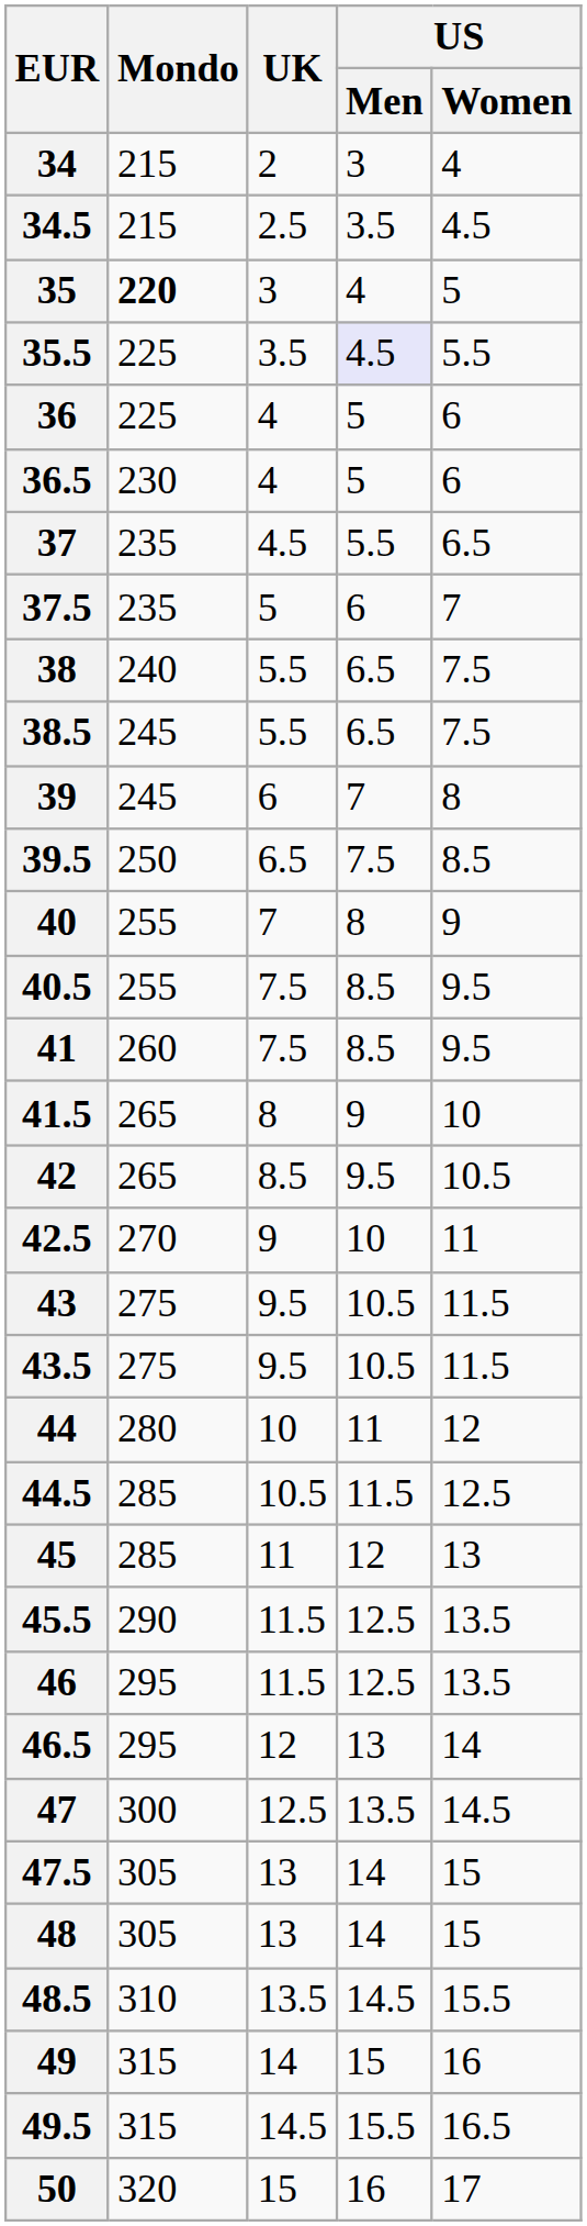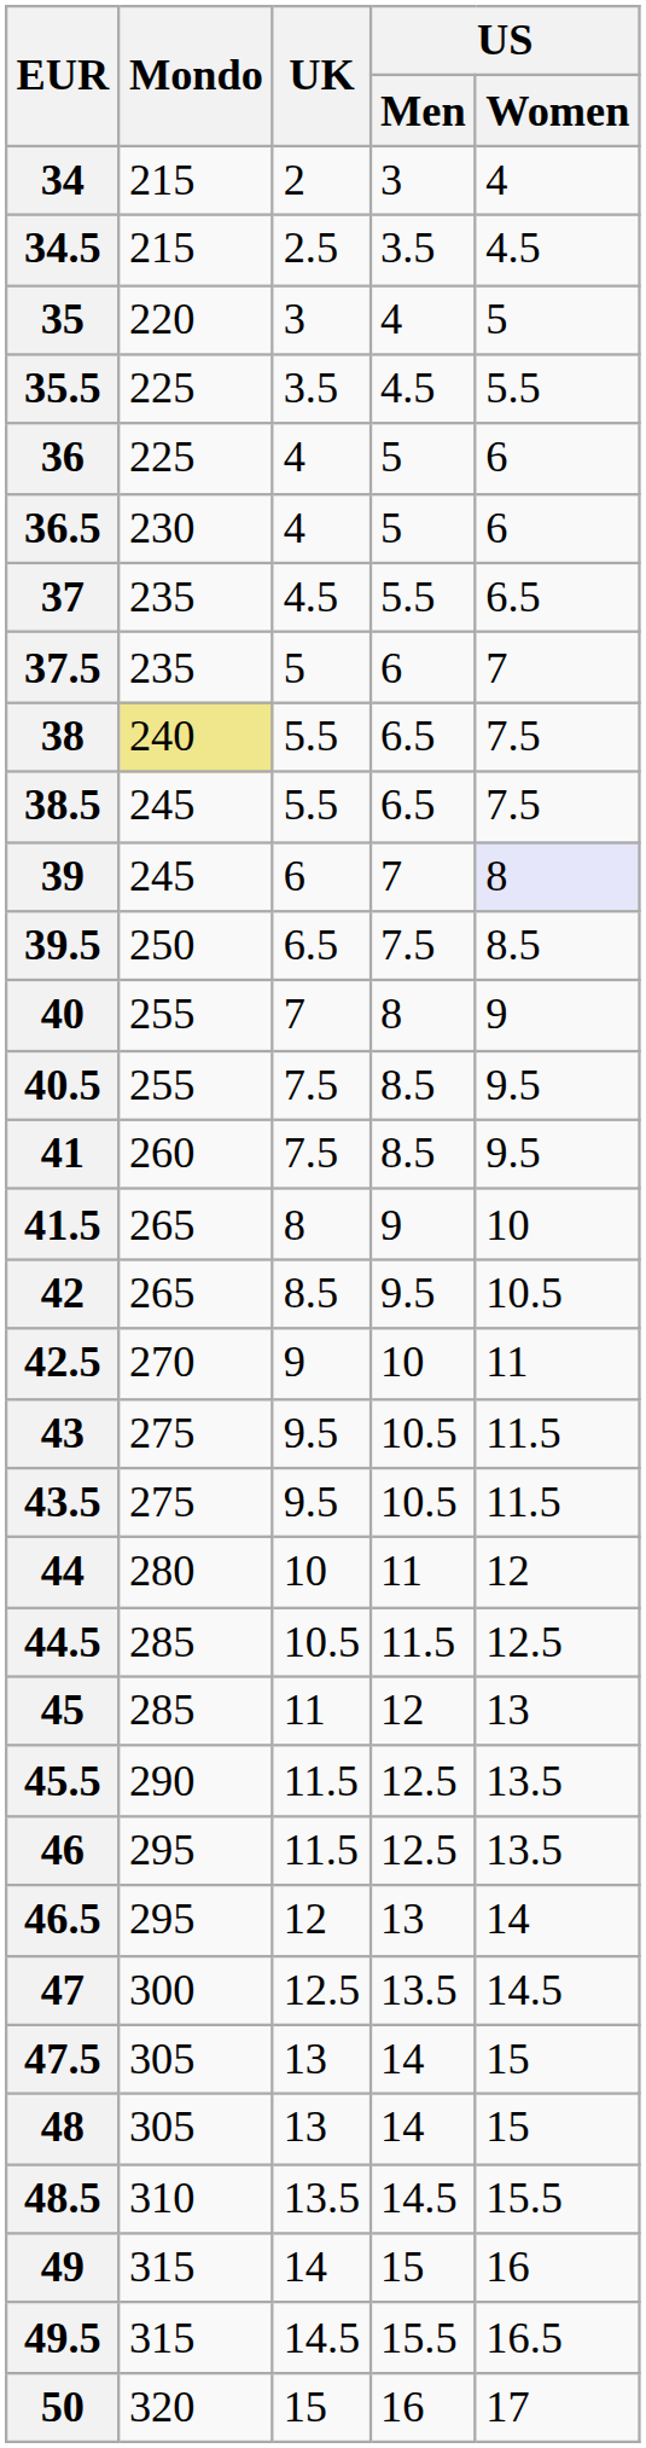 <table class="wikitable">
 <tr>
 <th rowspan=2>EUR</th>
 <th rowspan=2>Mondo</th>
 <th rowspan=2>UK</th>
 <th colspan=2>US</th>
 </tr>
 <tr>
 <th>Men</th>
 <th>Women</th>
 </tr>
 <tr>
 <th>34</th>
 <td>215</td>
 <td>2</td>
 <td>3</td>
 <td>4</td>
 </tr>
 <tr>
 <th>34.5</th>
 <td>215</td>
 <td>2.5</td>
 <td>3.5</td>
 <td>4.5</td>
 </tr>
 <tr>
 <th>35</th>
-<td><strong>220</strong></td>
+<td>220</td>
 <td>3</td>
 <td>4</td>
 <td>5</td>
 </tr>
 <tr>
 <th>35.5</th>
 <td>225</td>
 <td>3.5</td>
-<td style="background: lavender;">4.5</td>
+<td>4.5</td>
 <td>5.5</td>
 </tr>
 <tr>
 <th>36</th>
 <td>225</td>
 <td>4</td>
 <td>5</td>
 <td>6</td>
 </tr>
 <tr>
 <th>36.5</th>
 <td>230</td>
 <td>4</td>
 <td>5</td>
 <td>6</td>
 </tr>
 <tr>
 <th>37</th>
 <td>235</td>
 <td>4.5</td>
 <td>5.5</td>
 <td>6.5</td>
 </tr>
 <tr>
 <th>37.5</th>
 <td>235</td>
 <td>5</td>
 <td>6</td>
 <td>7</td>
 </tr>
 <tr>
 <th>38</th>
-<td>240</td>
+<td style="background: khaki;">240</td>
 <td>5.5</td>
 <td>6.5</td>
 <td>7.5</td>
 </tr>
 <tr>
 <th>38.5</th>
 <td>245</td>
 <td>5.5</td>
 <td>6.5</td>
 <td>7.5</td>
 </tr>
 <tr>
 <th>39</th>
 <td>245</td>
 <td>6</td>
 <td>7</td>
-<td>8</td>
+<td style="background: lavender;">8</td>
 </tr>
 <tr>
 <th>39.5</th>
 <td>250</td>
 <td>6.5</td>
 <td>7.5</td>
 <td>8.5</td>
 </tr>
 <tr>
 <th>40</th>
 <td>255</td>
 <td>7</td>
 <td>8</td>
 <td>9</td>
 </tr>
 <tr>
 <th>40.5</th>
 <td>255</td>
 <td>7.5</td>
 <td>8.5</td>
 <td>9.5</td>
 </tr>
 <tr>
 <th>41</th>
 <td>260</td>
 <td>7.5</td>
 <td>8.5</td>
 <td>9.5</td>
 </tr>
 <tr>
 <th>41.5</th>
 <td>265</td>
 <td>8</td>
 <td>9</td>
 <td>10</td>
 </tr>
 <tr>
 <th>42</th>
 <td>265</td>
 <td>8.5</td>
 <td>9.5</td>
 <td>10.5</td>
 </tr>
 <tr>
 <th>42.5</th>
 <td>270</td>
 <td>9</td>
 <td>10</td>
 <td>11</td>
 </tr>
 <tr>
 <th>43</th>
 <td>275</td>
 <td>9.5</td>
 <td>10.5</td>
 <td>11.5</td>
 </tr>
 <tr>
 <th>43.5</th>
 <td>275</td>
 <td>9.5</td>
 <td>10.5</td>
 <td>11.5</td>
 </tr>
 <tr>
 <th>44</th>
 <td>280</td>
 <td>10</td>
 <td>11</td>
 <td>12</td>
 </tr>
 <tr>
 <th>44.5</th>
 <td>285</td>
 <td>10.5</td>
 <td>11.5</td>
 <td>12.5</td>
 </tr>
 <tr>
 <th>45</th>
 <td>285</td>
 <td>11</td>
 <td>12</td>
 <td>13</td>
 </tr>
 <tr>
 <th>45.5</th>
 <td>290</td>
 <td>11.5</td>
 <td>12.5</td>
 <td>13.5</td>
 </tr>
 <tr>
 <th>46</th>
 <td>295</td>
 <td>11.5</td>
 <td>12.5</td>
 <td>13.5</td>
 </tr>
 <tr>
 <th>46.5</th>
 <td>295</td>
 <td>12</td>
 <td>13</td>
 <td>14</td>
 </tr>
 <tr>
 <th>47</th>
 <td>300</td>
 <td>12.5</td>
 <td>13.5</td>
 <td>14.5</td>
 </tr>
 <tr>
 <th>47.5</th>
 <td>305</td>
 <td>13</td>
 <td>14</td>
 <td>15</td>
 </tr>
 <tr>
 <th>48</th>
 <td>305</td>
 <td>13</td>
 <td>14</td>
 <td>15</td>
 </tr>
 <tr>
 <th>48.5</th>
 <td>310</td>
 <td>13.5</td>
 <td>14.5</td>
 <td>15.5</td>
 </tr>
 <tr>
 <th>49</th>
 <td>315</td>
 <td>14</td>
 <td>15</td>
 <td>16</td>
 </tr>
 <tr>
 <th>49.5</th>
 <td>315</td>
 <td>14.5</td>
 <td>15.5</td>
 <td>16.5</td>
 </tr>
 <tr>
 <th>50</th>
 <td>320</td>
 <td>15</td>
 <td>16</td>
 <td>17</td>
 </tr>
 </table>
